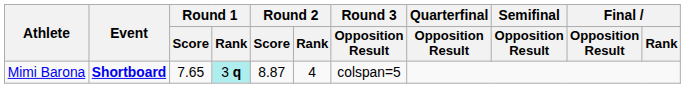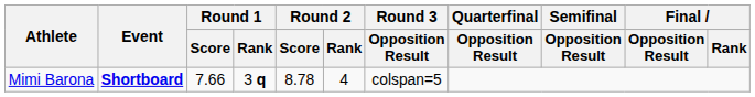 <table class=wikitable style="font-size:90%; text-align:center">
 <tr>
 <th rowspan=2>Athlete</th>
 <th rowspan=2>Event</th>
 <th colspan=2>Round 1</th>
 <th colspan=2>Round 2</th>
 <th>Round 3</th>
 <th>Quarterfinal</th>
 <th>Semifinal</th>
 <th colspan=2>Final / </th>
 </tr>
 <tr style=font-size:95%>
 <th>Score</th>
 <th>Rank</th>
 <th>Score</th>
 <th>Rank</th>
 <th>Opposition<br>Result</th>
 <th>Opposition<br>Result</th>
 <th>Opposition<br>Result</th>
 <th>Opposition<br>Result</th>
 <th>Rank</th>
 </tr>
 <tr>
 <td align=left><a href='#'>Mimi Barona</a></td>
 <td align=left><strong><a href='#'>Shortboard</a></strong></td>
-<td>7.65</td>
-<td style="background: paleturquoise;">3 <strong>q</strong></td>
-<td>8.87</td>
+<td>7.66</td>
+<td>3 <strong>q</strong></td>
+<td>8.78</td>
 <td>4</td>
 <td>colspan=5 </td>
 </tr>
 </table>
